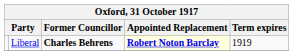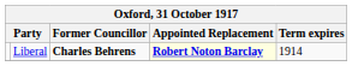 <table class="wikitable">
 <tr>
 <th colspan="5"><strong>Oxford, 31 October 1917</strong></th>
 </tr>
 <tr>
 <th colspan="2">Party</th>
 <th>Former Councillor</th>
 <th>Appointed Replacement</th>
 <th>Term expires</th>
 </tr>
 <tr>
 <td style="background-color:"></td>
 <td><a href='#'>Liberal</a></td>
 <td><strong>Charles Behrens</strong></td>
 <td style="background: lightyellow;"><strong><a href='#'>Robert Noton Barclay</a></strong></td>
-<td>1919</td>
+<td>1914</td>
 </tr>
 <tr>
 </tr>
 </table>
